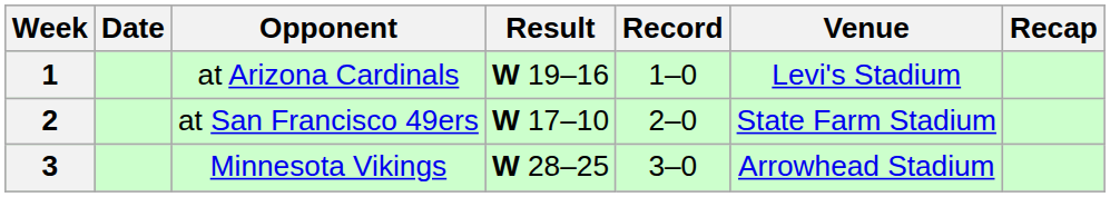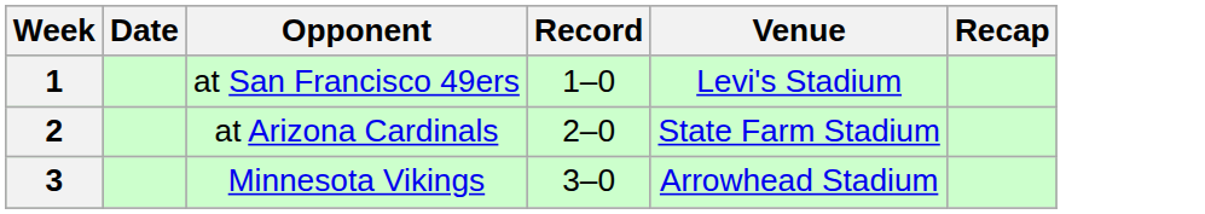 <table class="wikitable" style="text-align:center">
 <tr>
 <th>Week</th>
 <th>Date</th>
 <th>Opponent</th>
-<th>Result</th>
 <th>Record</th>
 <th>Venue</th>
 <th>Recap</th>
 </tr>
 <tr style="background:#cfc">
 <th>1</th>
 <td></td>
-<td>at <a href='#'>Arizona Cardinals</a></td>
-<td><strong>W</strong> 19–16</td>
+<td>at <a href='#'>San Francisco 49ers</a></td>
 <td>1–0</td>
 <td><a href='#'>Levi's Stadium</a></td>
 <td></td>
 </tr>
 <tr style="background:#cfc">
 <th>2</th>
 <td></td>
-<td>at <a href='#'>San Francisco 49ers</a></td>
-<td><strong>W</strong> 17–10</td>
+<td>at <a href='#'>Arizona Cardinals</a></td>
 <td>2–0</td>
 <td><a href='#'>State Farm Stadium</a></td>
 <td></td>
 </tr>
 <tr style="background:#cfc">
 <th>3</th>
 <td></td>
 <td><a href='#'>Minnesota Vikings</a></td>
-<td><strong>W</strong> 28–25</td>
 <td>3–0</td>
 <td><a href='#'>Arrowhead Stadium</a></td>
 <td></td>
 </tr>
 </table>
